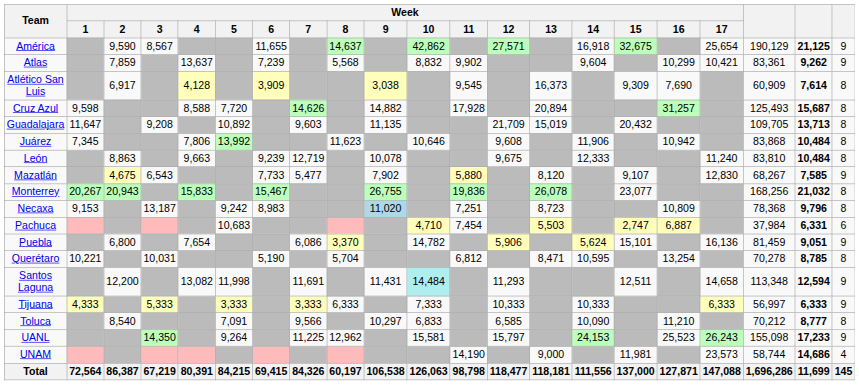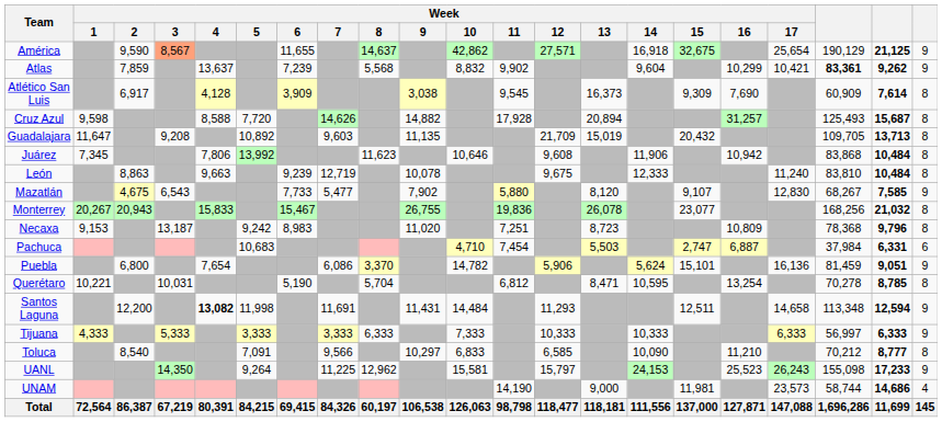 <table class="wikitable" style="text-align:center">
 <tr>
 <th colspan=1 rowspan="2">Team</th>
 <th colspan=17>Week</th>
 <th colspan=1 rowspan="2" width=45></th>
 <th colspan=1 rowspan="2" width=45></th>
 <th colspan=1 rowspan="2" width=45></th>
 </tr>
 <tr>
 <th width=45>1</th>
 <th width=45>2</th>
 <th width=45>3</th>
 <th width=45>4</th>
 <th width=45>5</th>
 <th width=45>6</th>
 <th width=45>7</th>
 <th width=45>8</th>
 <th width=45>9</th>
 <th width=45>10</th>
 <th width=45>11</th>
 <th width=45>12</th>
 <th width=45>13</th>
 <th width=45>14</th>
 <th width=45>15</th>
 <th width=45>16</th>
 <th width=45>17</th>
 </tr>
 <tr>
 <td><a href='#'>América</a></td>
 <td bgcolor=#BBBBBB></td>
 <td>9,590</td>
-<td>8,567</td>
+<td style="background: lightsalmon;">8,567</td>
 <td bgcolor=#BBBBBB></td>
 <td bgcolor=#BBBBBB></td>
 <td>11,655</td>
 <td bgcolor=#BBBBBB></td>
 <td bgcolor=#BBFFBB>14,637</td>
 <td bgcolor=#BBBBBB></td>
 <td bgcolor=#BBFFBB>42,862</td>
 <td bgcolor=#BBBBBB></td>
 <td bgcolor=#BBFFBB>27,571</td>
 <td bgcolor=#BBBBBB></td>
 <td>16,918</td>
 <td bgcolor=#BBFFBB>32,675</td>
 <td bgcolor=#BBBBBB></td>
 <td>25,654</td>
 <td>190,129</td>
 <td><strong>21,125</strong></td>
 <td>9</td>
 </tr>
 <tr>
 <td><a href='#'>Atlas</a></td>
 <td bgcolor=#BBBBBB></td>
 <td>7,859</td>
 <td bgcolor=#BBBBBB></td>
 <td>13,637</td>
 <td bgcolor=#BBBBBB></td>
 <td>7,239</td>
 <td bgcolor=#BBBBBB></td>
 <td>5,568</td>
 <td bgcolor=#BBBBBB></td>
 <td>8,832</td>
 <td>9,902</td>
 <td bgcolor=#BBBBBB></td>
 <td bgcolor=#BBBBBB></td>
 <td>9,604</td>
 <td bgcolor=#BBBBBB></td>
 <td>10,299</td>
 <td>10,421</td>
-<td>83,361</td>
+<td><strong>83,361</strong></td>
 <td><strong>9,262</strong></td>
 <td>9</td>
 </tr>
 <tr>
 <td><a href='#'>Atlético San Luis</a></td>
 <td bgcolor=#BBBBBB></td>
 <td>6,917</td>
 <td bgcolor=#BBBBBB></td>
 <td bgcolor=#FFFFBB>4,128</td>
 <td bgcolor=#BBBBBB></td>
 <td bgcolor=#FFFFBB>3,909</td>
 <td bgcolor=#BBBBBB></td>
 <td bgcolor=#BBBBBB></td>
 <td bgcolor=#FFFFBB>3,038</td>
 <td bgcolor=#BBBBBB></td>
 <td>9,545</td>
 <td bgcolor=#BBBBBB></td>
 <td>16,373</td>
 <td bgcolor=#BBBBBB></td>
 <td>9,309</td>
 <td>7,690</td>
 <td bgcolor=#BBBBBB></td>
 <td>60,909</td>
 <td><strong>7,614</strong></td>
 <td>8</td>
 </tr>
 <tr>
 <td><a href='#'>Cruz Azul</a></td>
 <td>9,598</td>
 <td bgcolor=#BBBBBB></td>
 <td bgcolor=#BBBBBB></td>
 <td>8,588</td>
 <td>7,720</td>
 <td bgcolor=#BBBBBB></td>
 <td bgcolor=#BBFFBB>14,626</td>
 <td bgcolor=#BBBBBB></td>
 <td>14,882</td>
 <td bgcolor=#BBBBBB></td>
 <td>17,928</td>
 <td bgcolor=#BBBBBB></td>
 <td>20,894</td>
 <td bgcolor=#BBBBBB></td>
 <td bgcolor=#BBBBBB></td>
 <td bgcolor=#BBFFBB>31,257</td>
 <td bgcolor=#BBBBBB></td>
 <td>125,493</td>
 <td><strong>15,687</strong></td>
 <td>8</td>
 </tr>
 <tr>
 <td><a href='#'>Guadalajara</a></td>
 <td>11,647</td>
 <td bgcolor=#BBBBBB></td>
 <td>9,208</td>
 <td bgcolor=#BBBBBB></td>
 <td>10,892</td>
 <td bgcolor=#BBBBBB></td>
 <td>9,603</td>
 <td bgcolor=#BBBBBB></td>
 <td>11,135</td>
 <td bgcolor=#BBBBBB></td>
 <td bgcolor=#BBBBBB></td>
 <td>21,709</td>
 <td>15,019</td>
 <td bgcolor=#BBBBBB></td>
 <td>20,432</td>
 <td bgcolor=#BBBBBB></td>
 <td bgcolor=#BBBBBB></td>
 <td>109,705</td>
 <td><strong>13,713</strong></td>
 <td>8</td>
 </tr>
 <tr>
 <td><a href='#'>Juárez</a></td>
 <td>7,345</td>
 <td bgcolor=#BBBBBB></td>
 <td bgcolor=#BBBBBB></td>
 <td>7,806</td>
 <td bgcolor=#BBFFBB>13,992</td>
 <td bgcolor=#BBBBBB></td>
 <td bgcolor=#BBBBBB></td>
 <td>11,623</td>
 <td bgcolor=#BBBBBB></td>
 <td>10,646</td>
 <td bgcolor=#BBBBBB></td>
 <td>9,608</td>
 <td bgcolor=#BBBBBB></td>
 <td>11,906</td>
 <td bgcolor=#BBBBBB></td>
 <td>10,942</td>
 <td bgcolor=#BBBBBB></td>
 <td>83,868</td>
 <td><strong>10,484</strong></td>
 <td>8</td>
 </tr>
 <tr>
 <td><a href='#'>León</a></td>
 <td bgcolor=#BBBBBB></td>
 <td>8,863</td>
 <td bgcolor=#BBBBBB></td>
 <td>9,663</td>
 <td bgcolor=#BBBBBB></td>
 <td>9,239</td>
 <td>12,719</td>
 <td bgcolor=#BBBBBB></td>
 <td>10,078</td>
 <td bgcolor=#BBBBBB></td>
 <td bgcolor=#BBBBBB></td>
 <td>9,675</td>
 <td bgcolor=#BBBBBB></td>
 <td>12,333</td>
 <td bgcolor=#BBBBBB></td>
 <td bgcolor=#BBBBBB></td>
 <td>11,240</td>
 <td>83,810</td>
 <td><strong>10,484</strong></td>
 <td>8</td>
 </tr>
 <tr>
 <td><a href='#'>Mazatlán</a></td>
 <td bgcolor=#BBBBBB></td>
 <td bgcolor=#FFFFBB>4,675</td>
 <td>6,543</td>
 <td bgcolor=#BBBBBB></td>
 <td bgcolor=#BBBBBB></td>
 <td>7,733</td>
 <td>5,477</td>
 <td bgcolor=#BBBBBB></td>
 <td>7,902</td>
 <td bgcolor=#BBBBBB></td>
 <td bgcolor=#FFFFBB>5,880</td>
 <td bgcolor=#BBBBBB></td>
 <td>8,120</td>
 <td bgcolor=#BBBBBB></td>
 <td>9,107</td>
 <td bgcolor=#BBBBBB></td>
 <td>12,830</td>
 <td>68,267</td>
 <td><strong>7,585</strong></td>
 <td>9</td>
 </tr>
 <tr>
 <td><a href='#'>Monterrey</a></td>
 <td bgcolor=#BBFFBB>20,267</td>
 <td bgcolor=#BBFFBB>20,943</td>
 <td bgcolor=#BBBBBB></td>
 <td bgcolor=#BBFFBB>15,833</td>
 <td bgcolor=#BBBBBB></td>
 <td bgcolor=#BBFFBB>15,467</td>
 <td bgcolor=#BBBBBB></td>
 <td bgcolor=#BBBBBB></td>
 <td bgcolor=#BBFFBB>26,755</td>
 <td bgcolor=#BBBBBB></td>
 <td bgcolor=#BBFFBB>19,836</td>
 <td bgcolor=#BBBBBB></td>
 <td bgcolor=#BBFFBB>26,078</td>
 <td bgcolor=#BBBBBB></td>
 <td>23,077</td>
 <td bgcolor=#BBBBBB></td>
 <td bgcolor=#BBBBBB></td>
 <td>168,256</td>
 <td><strong>21,032</strong></td>
 <td>8</td>
 </tr>
 <tr>
 <td><a href='#'>Necaxa</a></td>
 <td>9,153</td>
 <td bgcolor=#BBBBBB></td>
 <td>13,187</td>
 <td bgcolor=#BBBBBB></td>
 <td>9,242</td>
 <td>8,983</td>
 <td bgcolor=#BBBBBB></td>
 <td bgcolor=#BBBBBB></td>
-<td style="background: lightblue;">11,020</td>
+<td>11,020</td>
 <td bgcolor=#BBBBBB></td>
 <td>7,251</td>
 <td bgcolor=#BBBBBB></td>
 <td>8,723</td>
 <td bgcolor=#BBBBBB></td>
 <td bgcolor=#BBBBBB></td>
 <td>10,809</td>
 <td bgcolor=#BBBBBB></td>
 <td>78,368</td>
 <td><strong>9,796</strong></td>
 <td>8</td>
 </tr>
 <tr>
 <td><a href='#'>Pachuca</a></td>
 <td bgcolor=#FFBBBB></td>
 <td bgcolor=#BBBBBB></td>
 <td bgcolor=#FFBBBB></td>
 <td bgcolor=#BBBBBB></td>
 <td>10,683</td>
 <td bgcolor=#BBBBBB></td>
 <td bgcolor=#BBBBBB></td>
 <td bgcolor=#FFBBBB></td>
 <td bgcolor=#BBBBBB></td>
 <td bgcolor=#FFFFBB>4,710</td>
 <td>7,454</td>
 <td bgcolor=#BBBBBB></td>
 <td bgcolor=#FFFFBB>5,503</td>
 <td bgcolor=#BBBBBB></td>
 <td bgcolor=#FFFFBB>2,747</td>
 <td bgcolor=#FFFFBB>6,887</td>
 <td bgcolor=#BBBBBB></td>
 <td>37,984</td>
 <td><strong>6,331</strong></td>
 <td>6</td>
 </tr>
 <tr>
 <td><a href='#'>Puebla</a></td>
 <td bgcolor=#BBBBBB></td>
 <td>6,800</td>
 <td bgcolor=#BBBBBB></td>
 <td>7,654</td>
 <td bgcolor=#BBBBBB></td>
 <td bgcolor=#BBBBBB></td>
 <td>6,086</td>
 <td bgcolor=#FFFFBB>3,370</td>
 <td bgcolor=#BBBBBB></td>
 <td>14,782</td>
 <td bgcolor=#BBBBBB></td>
 <td bgcolor=#FFFFBB>5,906</td>
 <td bgcolor=#BBBBBB></td>
 <td bgcolor=#FFFFBB>5,624</td>
 <td>15,101</td>
 <td bgcolor=#BBBBBB></td>
 <td>16,136</td>
 <td>81,459</td>
 <td><strong>9,051</strong></td>
 <td>9</td>
 </tr>
 <tr>
 <td><a href='#'>Querétaro</a></td>
 <td>10,221</td>
 <td bgcolor=#BBBBBB></td>
 <td>10,031</td>
 <td bgcolor=#BBBBBB></td>
 <td bgcolor=#BBBBBB></td>
 <td>5,190</td>
 <td bgcolor=#BBBBBB></td>
 <td>5,704</td>
 <td bgcolor=#BBBBBB></td>
 <td bgcolor=#BBBBBB></td>
 <td>6,812</td>
 <td bgcolor=#BBBBBB></td>
 <td>8,471</td>
 <td>10,595</td>
 <td bgcolor=#BBBBBB></td>
 <td>13,254</td>
 <td bgcolor=#BBBBBB></td>
 <td>70,278</td>
 <td><strong>8,785</strong></td>
 <td>8</td>
 </tr>
 <tr>
 <td><a href='#'>Santos Laguna</a></td>
 <td bgcolor=#BBBBBB></td>
 <td>12,200</td>
 <td bgcolor=#BBBBBB></td>
-<td>13,082</td>
+<td><strong>13,082</strong></td>
 <td>11,998</td>
 <td bgcolor=#BBBBBB></td>
 <td>11,691</td>
 <td bgcolor=#BBBBBB></td>
 <td>11,431</td>
-<td style="background: paleturquoise;">14,484</td>
+<td>14,484</td>
 <td bgcolor=#BBBBBB></td>
 <td>11,293</td>
 <td bgcolor=#BBBBBB></td>
 <td bgcolor=#BBBBBB></td>
 <td>12,511</td>
 <td bgcolor=#BBBBBB></td>
 <td>14,658</td>
 <td>113,348</td>
 <td><strong>12,594</strong></td>
 <td>9</td>
 </tr>
 <tr>
 <td><a href='#'>Tijuana</a></td>
 <td bgcolor=#FFFFBB>4,333</td>
 <td bgcolor=#BBBBBB></td>
 <td bgcolor=#FFFFBB>5,333</td>
 <td bgcolor=#BBBBBB></td>
 <td bgcolor=#FFFFBB>3,333</td>
 <td bgcolor=#BBBBBB></td>
 <td bgcolor=#FFFFBB>3,333</td>
 <td>6,333</td>
 <td bgcolor=#BBBBBB></td>
 <td>7,333</td>
 <td bgcolor=#BBBBBB></td>
 <td>10,333</td>
 <td bgcolor=#BBBBBB></td>
 <td>10,333</td>
 <td bgcolor=#BBBBBB></td>
 <td bgcolor=#BBBBBB></td>
 <td bgcolor=#FFFFBB>6,333</td>
 <td>56,997</td>
 <td><strong>6,333</strong></td>
 <td>9</td>
 </tr>
 <tr>
 <td><a href='#'>Toluca</a></td>
 <td bgcolor=#BBBBBB></td>
 <td>8,540</td>
 <td bgcolor=#BBBBBB></td>
 <td bgcolor=#BBBBBB></td>
 <td>7,091</td>
 <td bgcolor=#BBBBBB></td>
 <td>9,566</td>
 <td bgcolor=#BBBBBB></td>
 <td>10,297</td>
 <td>6,833</td>
 <td bgcolor=#BBBBBB></td>
 <td>6,585</td>
 <td bgcolor=#BBBBBB></td>
 <td>10,090</td>
 <td bgcolor=#BBBBBB></td>
 <td>11,210</td>
 <td bgcolor=#BBBBBB></td>
 <td>70,212</td>
 <td><strong>8,777</strong></td>
 <td>8</td>
 </tr>
 <tr>
 <td><a href='#'>UANL</a></td>
 <td bgcolor=#BBBBBB></td>
 <td bgcolor=#BBBBBB></td>
 <td bgcolor=#BBFFBB>14,350</td>
 <td bgcolor=#BBBBBB></td>
 <td>9,264</td>
 <td bgcolor=#BBBBBB></td>
 <td>11,225</td>
 <td>12,962</td>
 <td bgcolor=#BBBBBB></td>
 <td>15,581</td>
 <td bgcolor=#BBBBBB></td>
 <td>15,797</td>
 <td bgcolor=#BBBBBB></td>
 <td bgcolor=#BBFFBB>24,153</td>
 <td bgcolor=#BBBBBB></td>
 <td>25,523</td>
 <td bgcolor=#BBFFBB>26,243</td>
 <td>155,098</td>
 <td><strong>17,233</strong></td>
 <td>9</td>
 </tr>
 <tr>
 <td><a href='#'>UNAM</a></td>
 <td bgcolor=#FFBBBB></td>
 <td bgcolor=#BBBBBB></td>
 <td bgcolor=#FFBBBB></td>
 <td bgcolor=#FFBBBB></td>
 <td bgcolor=#BBBBBB></td>
 <td bgcolor=#FFBBBB></td>
 <td bgcolor=#BBBBBB></td>
 <td bgcolor=#FFBBBB></td>
 <td bgcolor=#BBBBBB></td>
 <td bgcolor=#BBBBBB></td>
 <td>14,190</td>
 <td bgcolor=#BBBBBB></td>
 <td>9,000</td>
 <td bgcolor=#BBBBBB></td>
 <td>11,981</td>
 <td bgcolor=#BBBBBB></td>
 <td>23,573</td>
 <td>58,744</td>
 <td><strong>14,686</strong></td>
 <td>4</td>
 </tr>
 <tr>
 <th align=center>Total</th>
 <th>72,564</th>
 <th>86,387</th>
 <th>67,219</th>
 <th>80,391</th>
 <th>84,215</th>
 <th>69,415</th>
 <th>84,326</th>
 <th>60,197</th>
 <th>106,538</th>
 <th>126,063</th>
 <th>98,798</th>
 <th>118,477</th>
 <th>118,181</th>
 <th>111,556</th>
 <th>137,000</th>
 <th>127,871</th>
 <th>147,088</th>
 <th>1,696,286</th>
 <th>11,699</th>
 <th>145</th>
 </tr>
 </table>
